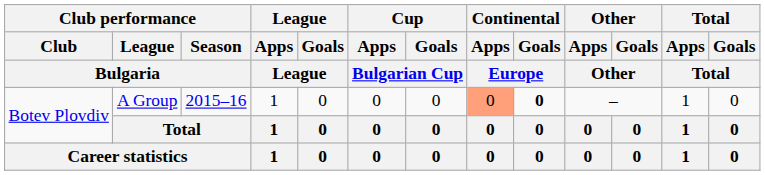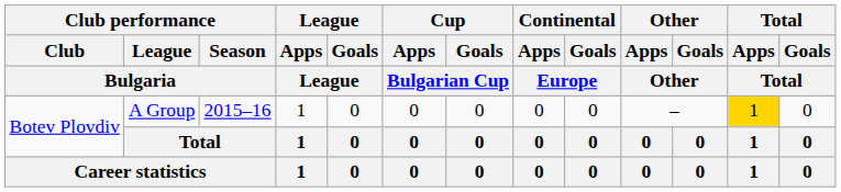 <table class="wikitable" style="text-align: center">
 <tr>
 <th Colspan="3">Club performance</th>
 <th Colspan="2">League</th>
 <th Colspan="2">Cup</th>
 <th Colspan="2">Continental</th>
 <th Colspan="2">Other</th>
 <th Colspan="3">Total</th>
 </tr>
 <tr>
 <th>Club</th>
 <th>League</th>
 <th>Season</th>
 <th>Apps</th>
 <th>Goals</th>
 <th>Apps</th>
 <th>Goals</th>
 <th>Apps</th>
 <th>Goals</th>
 <th>Apps</th>
 <th>Goals</th>
 <th>Apps</th>
 <th>Goals</th>
 </tr>
 <tr>
 <th Colspan="3">Bulgaria</th>
 <th Colspan="2">League</th>
 <th Colspan="2"><a href='#'>Bulgarian Cup</a></th>
 <th Colspan="2"><a href='#'>Europe</a></th>
 <th Colspan="2">Other</th>
 <th Colspan="2">Total</th>
 </tr>
 <tr>
 <td rowspan="2" valign="center"><a href='#'>Botev Plovdiv</a></td>
 <td rowspan="1"><a href='#'>A Group</a></td>
 <td><a href='#'>2015–16</a></td>
 <td>1</td>
 <td>0</td>
 <td>0</td>
 <td>0</td>
-<td style="background: lightsalmon;">0</td>
-<td><strong>0</strong></td>
+<td>0</td>
+<td>0</td>
 <td colspan="2">–</td>
-<td>1</td>
+<td style="background: gold;">1</td>
 <td>0</td>
 </tr>
 <tr>
 <th colspan=2>Total</th>
 <th>1</th>
 <th>0</th>
 <th>0</th>
 <th>0</th>
 <th>0</th>
 <th>0</th>
 <th>0</th>
 <th>0</th>
 <th>1</th>
 <th>0</th>
 </tr>
 <tr>
 <th colspan="3">Career statistics</th>
 <th>1</th>
 <th>0</th>
 <th>0</th>
 <th>0</th>
 <th>0</th>
 <th>0</th>
 <th>0</th>
 <th>0</th>
 <th>1</th>
 <th>0</th>
 </tr>
 </table>
